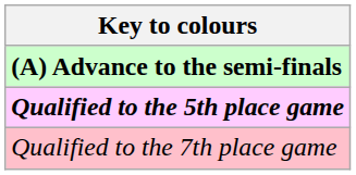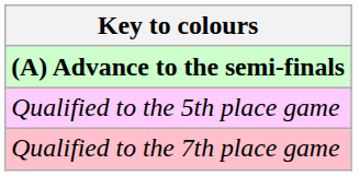 <table class="wikitable">
 <tr>
 <th>Key to colours</th>
 </tr>
 <tr bgcolor=#CCFFCC>
 <td><strong>(A) Advance to the semi-finals</strong></td>
 </tr>
 <tr bgcolor=#FFCCFF>
-<td><strong><em>Qualified to the 5th place game</em></strong></td>
+<td><em>Qualified to the 5th place game</em></td>
 </tr>
 <tr bgcolor=pink>
 <td><em>Qualified to the 7th place game</em></td>
 </tr>
 </table>
